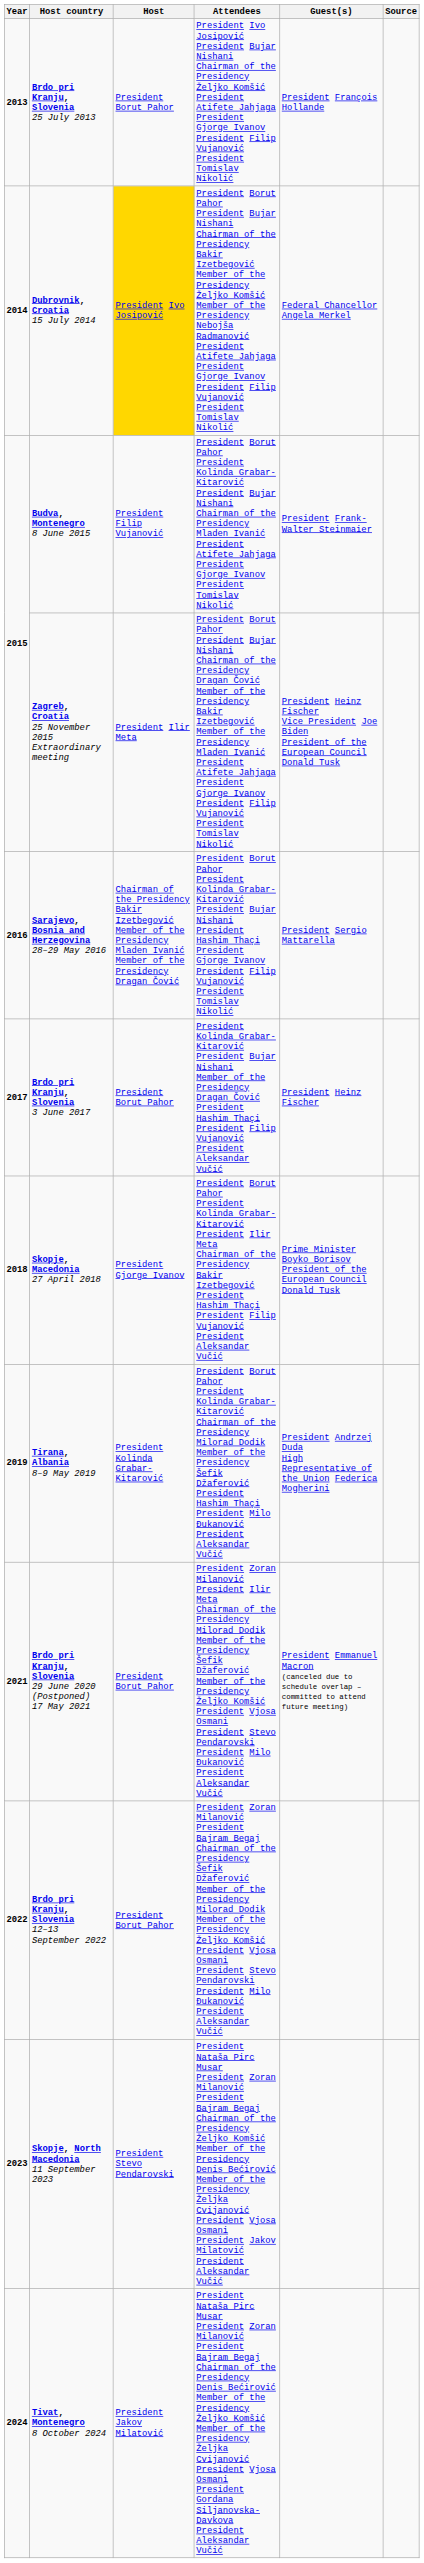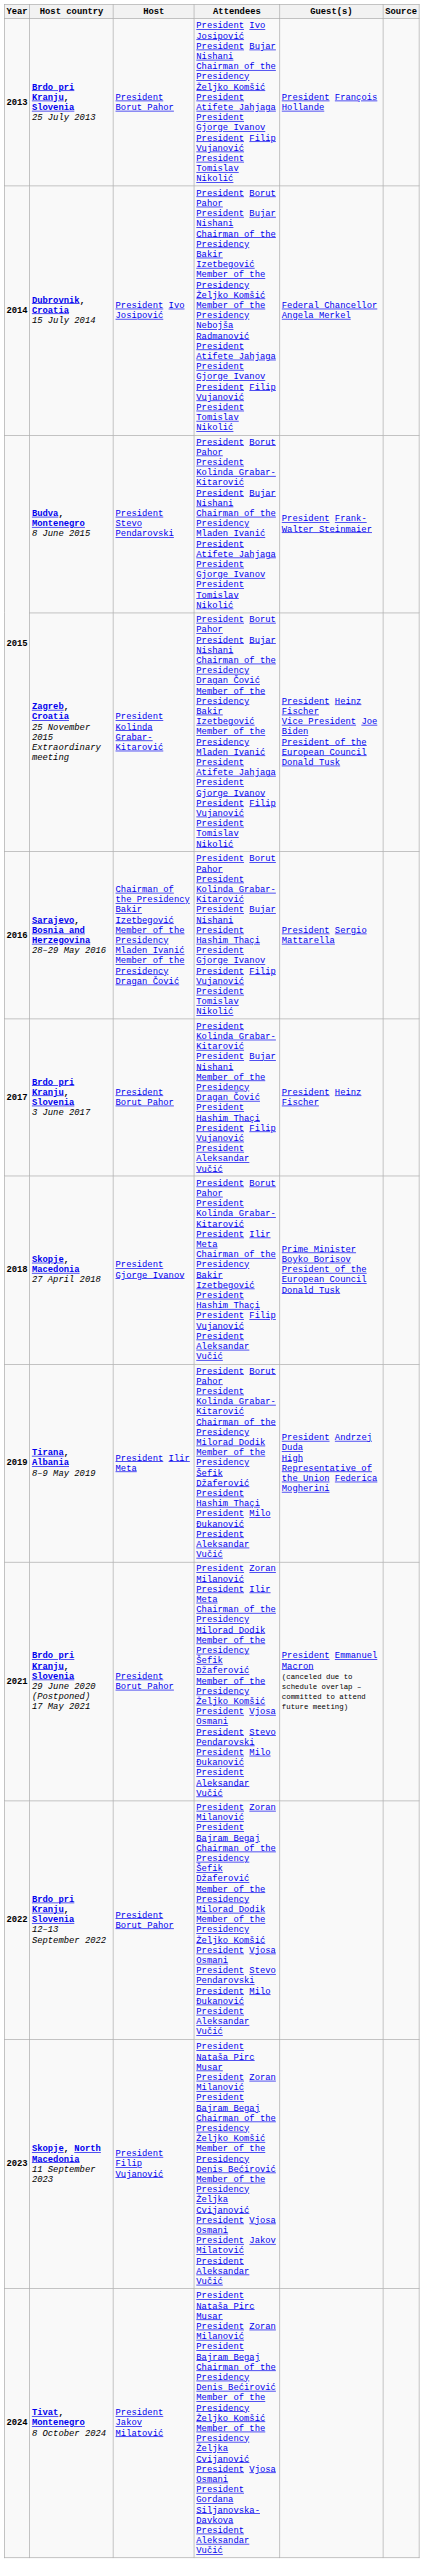 <table class="wikitable">
 <tr>
 <th>Year</th>
 <th>Host country</th>
 <th>Host</th>
 <th>Attendees</th>
 <th>Guest(s)</th>
 <th>Source</th>
 </tr>
 <tr>
 <td><strong>2013</strong></td>
 <td><strong> <a href='#'>Brdo pri Kranju</a>, <a href='#'>Slovenia</a></strong><br><em>25 July 2013</em></td>
 <td> <a href='#'>President</a> <a href='#'>Borut Pahor</a></td>
 <td> <a href='#'>President</a> <a href='#'>Ivo Josipović</a><br> <a href='#'>President</a> <a href='#'>Bujar Nishani</a><br> <a href='#'>Chairman of the Presidency</a> <a href='#'>Željko Komšić</a><br> <a href='#'>President</a> <a href='#'>Atifete Jahjaga</a><br> <a href='#'>President</a> <a href='#'>Gjorge Ivanov</a><br> <a href='#'>President</a> <a href='#'>Filip Vujanović</a><br> <a href='#'>President</a> <a href='#'>Tomislav Nikolić</a></td>
 <td> <a href='#'>President</a> <a href='#'>François Hollande</a></td>
 <td></td>
 </tr>
 <tr>
 <td><strong>2014</strong></td>
 <td> <strong><a href='#'>Dubrovnik</a>, <a href='#'>Croatia</a></strong><br><em>15 July 2014</em></td>
-<td style="background: gold;"> <a href='#'>President</a> <a href='#'>Ivo Josipović</a></td>
+<td> <a href='#'>President</a> <a href='#'>Ivo Josipović</a></td>
 <td> <a href='#'>President</a> <a href='#'>Borut Pahor</a><br> <a href='#'>President</a> <a href='#'>Bujar Nishani</a><br> <a href='#'>Chairman of the Presidency</a> <a href='#'>Bakir Izetbegović</a><br> <a href='#'>Member of the Presidency</a> <a href='#'>Željko Komšić</a><br> <a href='#'>Member of the Presidency</a> <a href='#'>Nebojša Radmanović</a><br> <a href='#'>President</a> <a href='#'>Atifete Jahjaga</a><br> <a href='#'>President</a> <a href='#'>Gjorge Ivanov</a><br> <a href='#'>President</a> <a href='#'>Filip Vujanović</a><br> <a href='#'>President</a> <a href='#'>Tomislav Nikolić</a></td>
 <td> <a href='#'>Federal Chancellor</a> <a href='#'>Angela Merkel</a></td>
 <td></td>
 </tr>
 <tr>
 <td rowspan="2"><strong>2015</strong></td>
 <td><strong></strong> <strong><a href='#'>Budva</a>, <a href='#'>Montenegro</a></strong><br><em>8 June 2015</em></td>
-<td> <a href='#'>President</a> <a href='#'>Filip Vujanović</a></td>
+<td> <a href='#'>President</a> <a href='#'>Stevo Pendarovski</a></td>
 <td> <a href='#'>President</a> <a href='#'>Borut Pahor</a><br> <a href='#'>President</a> <a href='#'>Kolinda Grabar-Kitarović</a><br> <a href='#'>President</a> <a href='#'>Bujar Nishani</a><br> <a href='#'>Chairman of the Presidency</a> <a href='#'>Mladen Ivanić</a><br> <a href='#'>President</a> <a href='#'>Atifete Jahjaga</a><br> <a href='#'>President</a> <a href='#'>Gjorge Ivanov</a><br> <a href='#'>President</a> <a href='#'>Tomislav Nikolić</a></td>
 <td> <a href='#'>President</a> <a href='#'>Frank-Walter Steinmaier</a></td>
 <td></td>
 </tr>
 <tr>
 <td><strong> <a href='#'>Zagreb</a>, <a href='#'>Croatia</a></strong><br><em>25 November 2015</em><br><em>Extraordinary meeting</em></td>
-<td> <a href='#'>President</a> <a href='#'>Ilir Meta</a></td>
+<td> <a href='#'>President</a> <a href='#'>Kolinda Grabar-Kitarović</a></td>
 <td> <a href='#'>President</a> <a href='#'>Borut Pahor</a><br> <a href='#'>President</a> <a href='#'>Bujar Nishani</a><br> <a href='#'>Chairman of the Presidency</a> <a href='#'>Dragan Čović</a><br> <a href='#'>Member of the Presidency</a> <a href='#'>Bakir Izetbegović</a><br> <a href='#'>Member of the Presidency</a> <a href='#'>Mladen Ivanić</a><br> <a href='#'>President</a> <a href='#'>Atifete Jahjaga</a><br> <a href='#'>President</a> <a href='#'>Gjorge Ivanov</a><br> <a href='#'>President</a> <a href='#'>Filip Vujanović</a><br> <a href='#'>President</a> <a href='#'>Tomislav Nikolić</a></td>
 <td> <a href='#'>President</a> <a href='#'>Heinz Fischer</a><br> <a href='#'>Vice President</a> <a href='#'>Joe Biden</a><br> <a href='#'>President of the European Council</a> <a href='#'>Donald Tusk</a></td>
 <td></td>
 </tr>
 <tr>
 <td><strong>2016</strong></td>
 <td><strong> <a href='#'>Sarajevo</a>, <a href='#'>Bosnia and Herzegovina</a></strong><br><em>28–29 May 2016</em></td>
 <td> <a href='#'>Chairman of the Presidency</a> <a href='#'>Bakir Izetbegović</a><br> <a href='#'>Member of the Presidency</a> <a href='#'>Mladen Ivanić</a><br> <a href='#'>Member of the Presidency</a> <a href='#'>Dragan Čović</a></td>
 <td> <a href='#'>President</a> <a href='#'>Borut Pahor</a><br> <a href='#'>President</a> <a href='#'>Kolinda Grabar-Kitarović</a><br> <a href='#'>President</a> <a href='#'>Bujar Nishani</a><br> <a href='#'>President</a> <a href='#'>Hashim Thaçi</a><br> <a href='#'>President</a> <a href='#'>Gjorge Ivanov</a><br> <a href='#'>President</a> <a href='#'>Filip Vujanović</a><br> <a href='#'>President</a> <a href='#'>Tomislav Nikolić</a></td>
 <td> <a href='#'>President</a> <a href='#'>Sergio Mattarella</a></td>
 <td></td>
 </tr>
 <tr>
 <td><strong>2017</strong></td>
 <td><strong> <a href='#'>Brdo pri Kranju</a>, <a href='#'>Slovenia</a></strong><br><em>3 June 2017</em></td>
 <td> <a href='#'>President</a> <a href='#'>Borut Pahor</a></td>
 <td> <a href='#'>President</a> <a href='#'>Kolinda Grabar-Kitarović</a><br> <a href='#'>President</a> <a href='#'>Bujar Nishani</a><br> <a href='#'>Member of the Presidency</a> <a href='#'>Dragan Čović</a><br> <a href='#'>President</a> <a href='#'>Hashim Thaçi</a><br> <a href='#'>President</a> <a href='#'>Filip Vujanović</a><br> <a href='#'>President</a> <a href='#'>Aleksandar Vučić</a></td>
 <td> <a href='#'>President</a> <a href='#'>Heinz Fischer</a></td>
 <td></td>
 </tr>
 <tr>
 <td><strong>2018</strong></td>
 <td><strong> <a href='#'>Skopje</a>, <a href='#'>Macedonia</a></strong><br><em>27 April 2018</em></td>
 <td> <a href='#'>President</a> <a href='#'>Gjorge Ivanov</a></td>
 <td> <a href='#'>President</a> <a href='#'>Borut Pahor</a><br> <a href='#'>President</a> <a href='#'>Kolinda Grabar-Kitarović</a><br> <a href='#'>President</a> <a href='#'>Ilir Meta</a><br> <a href='#'>Chairman of the Presidency</a> <a href='#'>Bakir Izetbegović</a><br> <a href='#'>President</a> <a href='#'>Hashim Thaçi</a><br> <a href='#'>President</a> <a href='#'>Filip Vujanović</a><br> <a href='#'>President</a> <a href='#'>Aleksandar Vučić</a></td>
 <td> <a href='#'>Prime Minister</a> <a href='#'>Boyko Borisov</a><br> <a href='#'>President of the European Council</a> <a href='#'>Donald Tusk</a></td>
 <td></td>
 </tr>
 <tr>
 <td><strong>2019</strong></td>
 <td><strong> <a href='#'>Tirana</a>, <a href='#'>Albania</a></strong><br><em>8–9 May 2019</em></td>
-<td> <a href='#'>President</a> <a href='#'>Kolinda Grabar-Kitarović</a></td>
+<td> <a href='#'>President</a> <a href='#'>Ilir Meta</a></td>
 <td> <a href='#'>President</a> <a href='#'>Borut Pahor</a><br> <a href='#'>President</a> <a href='#'>Kolinda Grabar-Kitarović</a><br> <a href='#'>Chairman of the Presidency</a> <a href='#'>Milorad Dodik</a><br> <a href='#'>Member of the Presidency</a> <a href='#'>Šefik Džaferović</a><br> <a href='#'>President</a> <a href='#'>Hashim Thaçi</a><br> <a href='#'>President</a> <a href='#'>Milo Đukanović</a><br> <a href='#'>President</a> <a href='#'>Aleksandar Vučić</a></td>
 <td> <a href='#'>President</a> <a href='#'>Andrzej Duda</a><br> <a href='#'>High Representative of the Union</a> <a href='#'>Federica Mogherini</a></td>
 <td></td>
 </tr>
 <tr>
 <td><strong>2021</strong></td>
 <td><strong><em></em></strong> <strong><a href='#'>Brdo pri Kranju</a>, <a href='#'>Slovenia</a></strong><br><em>29 June 2020 (Postponed)</em> <br> <em>17 May 2021</em></td>
 <td> <a href='#'>President</a> <a href='#'>Borut Pahor</a></td>
 <td> <a href='#'>President</a> <a href='#'>Zoran Milanović</a><br> <a href='#'>President</a> <a href='#'>Ilir Meta</a><br> <a href='#'>Chairman of the Presidency</a> <a href='#'>Milorad Dodik</a><br> <a href='#'>Member of the Presidency</a> <a href='#'>Šefik Džaferović</a><br> <a href='#'>Member of the Presidency</a> <a href='#'>Željko Komšić</a><br> <a href='#'>President</a> <a href='#'>Vjosa Osmani</a><br> <a href='#'>President</a> <a href='#'>Stevo Pendarovski</a><br> <a href='#'>President</a> <a href='#'>Milo Đukanović</a><br> <a href='#'>President</a> <a href='#'>Aleksandar Vučić</a></td>
 <td> <a href='#'>President</a> <a href='#'>Emmanuel Macron</a><br><small>(canceled due to schedule overlap – committed to attend future meeting)</small></td>
 <td></td>
 </tr>
 <tr>
 <td><strong>2022</strong></td>
 <td><strong><em></em></strong> <strong><a href='#'>Brdo pri Kranju</a>, <a href='#'>Slovenia</a></strong><br><em>12–13 September 2022</em></td>
 <td> <a href='#'>President</a> <a href='#'>Borut Pahor</a></td>
 <td> <a href='#'>President</a> <a href='#'>Zoran Milanović</a><br> <a href='#'>President</a> <a href='#'>Bajram Begaj</a><br> <a href='#'>Chairman of the Presidency</a> <a href='#'>Šefik Džaferović</a><br> <a href='#'>Member of the Presidency</a> <a href='#'>Milorad Dodik</a><br> <a href='#'>Member of the Presidency</a> <a href='#'>Željko Komšić</a><br> <a href='#'>President</a> <a href='#'>Vjosa Osmani</a><br> <a href='#'>President</a> <a href='#'>Stevo Pendarovski</a><br> <a href='#'>President</a> <a href='#'>Milo Đukanović</a><br> <a href='#'>President</a> <a href='#'>Aleksandar Vučić</a></td>
 <td></td>
 <td></td>
 </tr>
 <tr>
 <td><strong>2023</strong></td>
 <td><strong> <a href='#'>Skopje</a>, <a href='#'>North Macedonia</a></strong><br><em>11 September 2023</em></td>
-<td> <a href='#'>President</a> <a href='#'>Stevo Pendarovski</a></td>
+<td> <a href='#'>President</a> <a href='#'>Filip Vujanović</a></td>
 <td> <a href='#'>President</a> <a href='#'>Nataša Pirc Musar</a><br> <a href='#'>President</a> <a href='#'>Zoran Milanović</a><br> <a href='#'>President</a> <a href='#'>Bajram Begaj</a><br> <a href='#'>Chairman of the Presidency</a> <a href='#'>Željko Komšić</a><br> <a href='#'>Member of the Presidency</a> <a href='#'>Denis Bećirović</a><br> <a href='#'>Member of the Presidency</a> <a href='#'>Željka Cvijanović</a><br> <a href='#'>President</a> <a href='#'>Vjosa Osmani</a><br> <a href='#'>President</a> <a href='#'>Jakov Milatović</a><br> <a href='#'>President</a> <a href='#'>Aleksandar Vučić</a></td>
 <td></td>
 <td></td>
 </tr>
 <tr>
 <td><strong>2024</strong></td>
 <td><strong> <a href='#'>Tivat</a>, <a href='#'>Montenegro</a></strong><br><em>8 October 2024</em></td>
 <td> <a href='#'>President</a> <a href='#'>Jakov Milatović</a></td>
 <td> <a href='#'>President</a> <a href='#'>Nataša Pirc Musar</a><br> <a href='#'>President</a> <a href='#'>Zoran Milanović</a><br> <a href='#'>President</a> <a href='#'>Bajram Begaj</a><br> <a href='#'>Chairman of the Presidency</a> <a href='#'>Denis Bećirović</a><br> <a href='#'>Member of the Presidency</a> <a href='#'>Željko Komšić</a><br> <a href='#'>Member of the Presidency</a> <a href='#'>Željka Cvijanović</a><br> <a href='#'>President</a> <a href='#'>Vjosa Osmani</a><br> <a href='#'>President</a> <a href='#'>Gordana Siljanovska-Davkova</a><br> <a href='#'>President</a> <a href='#'>Aleksandar Vučić</a></td>
 <td></td>
 <td></td>
 </tr>
 </table>
